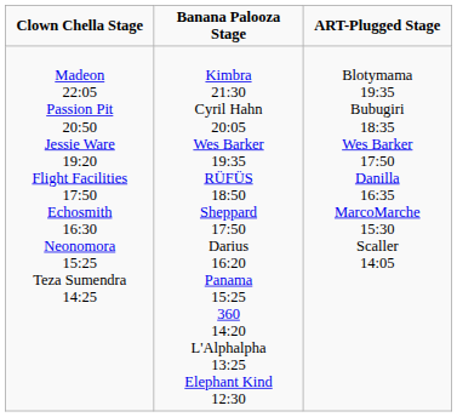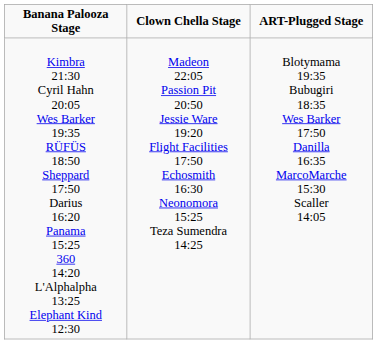 <table class="wikitable">
 <tr>
+<td style="text-align:center;"><strong>Banana Palooza Stage</strong></td>
 <td style="text-align:center;"><strong>Clown Chella Stage</strong></td>
-<td style="text-align:center;"><strong>Banana Palooza Stage</strong></td>
 <td style="text-align:center;"><strong>ART-Plugged Stage</strong></td>
 </tr>
 <tr>
+<td style="text-align:center; vertical-align:top;" width="150px;"><br><a href='#'>Kimbra</a><br>21:30<br>Cyril Hahn<br>20:05<br><a href='#'>Wes Barker</a><br>19:35<br><a href='#'>RÜFÜS</a><br>18:50<br><a href='#'>Sheppard</a><br>17:50<br>Darius<br>16:20<br><a href='#'>Panama</a><br>15:25<br><a href='#'>360</a><br>14:20<br>L'Alphalpha<br>13:25<br><a href='#'>Elephant Kind</a><br>12:30</td>
 <td style="text-align:center; vertical-align:top;" width="150px;"><br><a href='#'>Madeon</a><br>22:05<br><a href='#'>Passion Pit</a> <br>20:50<br><a href='#'>Jessie Ware</a><br>19:20<br><a href='#'>Flight Facilities</a><br>17:50<br><a href='#'>Echosmith</a><br>16:30<br><a href='#'>Neonomora</a><br>15:25<br>Teza Sumendra<br>14:25</td>
-<td style="text-align:center; vertical-align:top;" width="150px;"><br><a href='#'>Kimbra</a><br>21:30<br>Cyril Hahn<br>20:05<br><a href='#'>Wes Barker</a><br>19:35<br><a href='#'>RÜFÜS</a><br>18:50<br><a href='#'>Sheppard</a><br>17:50<br>Darius<br>16:20<br><a href='#'>Panama</a><br>15:25<br><a href='#'>360</a><br>14:20<br>L'Alphalpha<br>13:25<br><a href='#'>Elephant Kind</a><br>12:30</td>
 <td style="text-align:center; vertical-align:top;" width="150px;"><br>Blotymama<br>19:35<br>Bubugiri<br>18:35<br><a href='#'>Wes Barker</a><br>17:50<br><a href='#'>Danilla</a><br>16:35<br><a href='#'>MarcoMarche</a><br>15:30<br>Scaller<br>14:05</td>
 </tr>
 </table>
